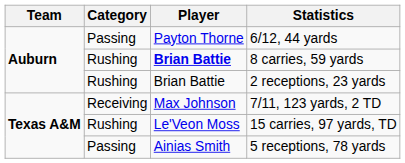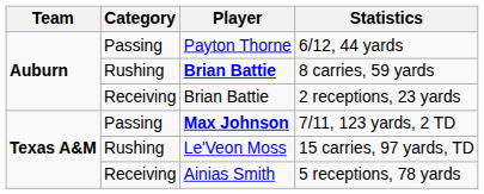 <table class="wikitable" style="float: right;">
 <tr>
 <th>Team</th>
 <th>Category</th>
 <th>Player</th>
 <th>Statistics</th>
 </tr>
 <tr>
 <td rowspan=3><strong>Auburn</strong></td>
 <td>Passing</td>
 <td><a href='#'>Payton Thorne</a></td>
 <td>6/12, 44 yards</td>
 </tr>
 <tr>
 <td>Rushing</td>
 <td><strong><a href='#'>Brian Battie</a></strong></td>
 <td>8 carries, 59 yards</td>
 </tr>
 <tr>
-<td>Rushing</td>
+<td>Receiving</td>
 <td>Brian Battie</td>
 <td>2 receptions, 23 yards</td>
 </tr>
 <tr>
 <td rowspan=3><strong>Texas A&M</strong></td>
-<td>Receiving</td>
-<td><a href='#'>Max Johnson</a></td>
+<td>Passing</td>
+<td><strong><a href='#'>Max Johnson</a></strong></td>
 <td>7/11, 123 yards, 2 TD</td>
 </tr>
 <tr>
 <td>Rushing</td>
 <td><a href='#'>Le'Veon Moss</a></td>
 <td>15 carries, 97 yards, TD</td>
 </tr>
 <tr>
-<td>Passing</td>
+<td>Receiving</td>
 <td><a href='#'>Ainias Smith</a></td>
 <td>5 receptions, 78 yards</td>
 </tr>
 </table>
